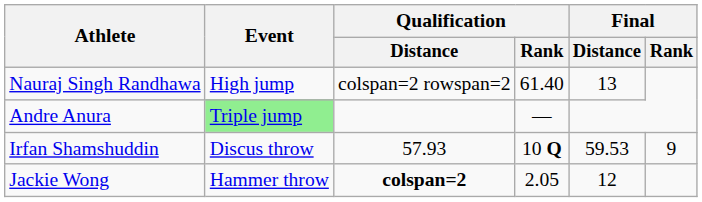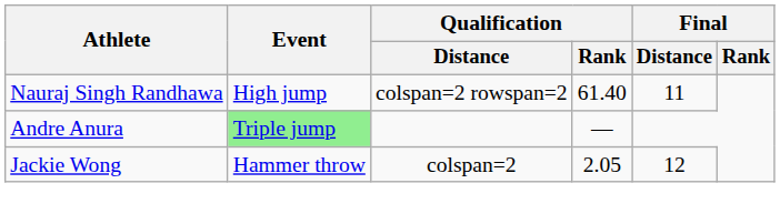 <table class="wikitable" style="font-size:90%; text-align:center">
 <tr>
 <th rowspan=2>Athlete</th>
 <th rowspan=2>Event</th>
 <th colspan=2>Qualification</th>
 <th colspan=2>Final</th>
 </tr>
 <tr style="font-size:95%">
 <th>Distance</th>
 <th>Rank</th>
 <th>Distance</th>
 <th>Rank</th>
 </tr>
 <tr>
 <td style="text-align:left"><a href='#'>Nauraj Singh Randhawa</a></td>
 <td style="text-align:left" rowspan=1><a href='#'>High jump</a></td>
 <td>colspan=2 rowspan=2 </td>
 <td>61.40</td>
-<td>13</td>
+<td>11</td>
 </tr>
 <tr>
 <td style="text-align:left"><a href='#'>Andre Anura</a></td>
 <td style="background: lightgreen; text-align:left" rowspan=1><a href='#'>Triple jump</a></td>
 <td></td>
 <td>―</td>
 </tr>
 <tr>
-<td style="text-align:left"><a href='#'>Irfan Shamshuddin</a></td>
-<td style="text-align:left" rowspan=1><a href='#'>Discus throw</a></td>
-<td>57.93</td>
-<td>10 <strong>Q</strong></td>
-<td>59.53</td>
-<td>9</td>
-</tr>
-<tr>
 <td style="text-align:left"><a href='#'>Jackie Wong</a></td>
 <td style="text-align:left" rowspan=1><a href='#'>Hammer throw</a></td>
-<td><strong>colspan=2 </strong></td>
+<td>colspan=2 </td>
 <td>2.05</td>
 <td>12</td>
 </tr>
 </table>
